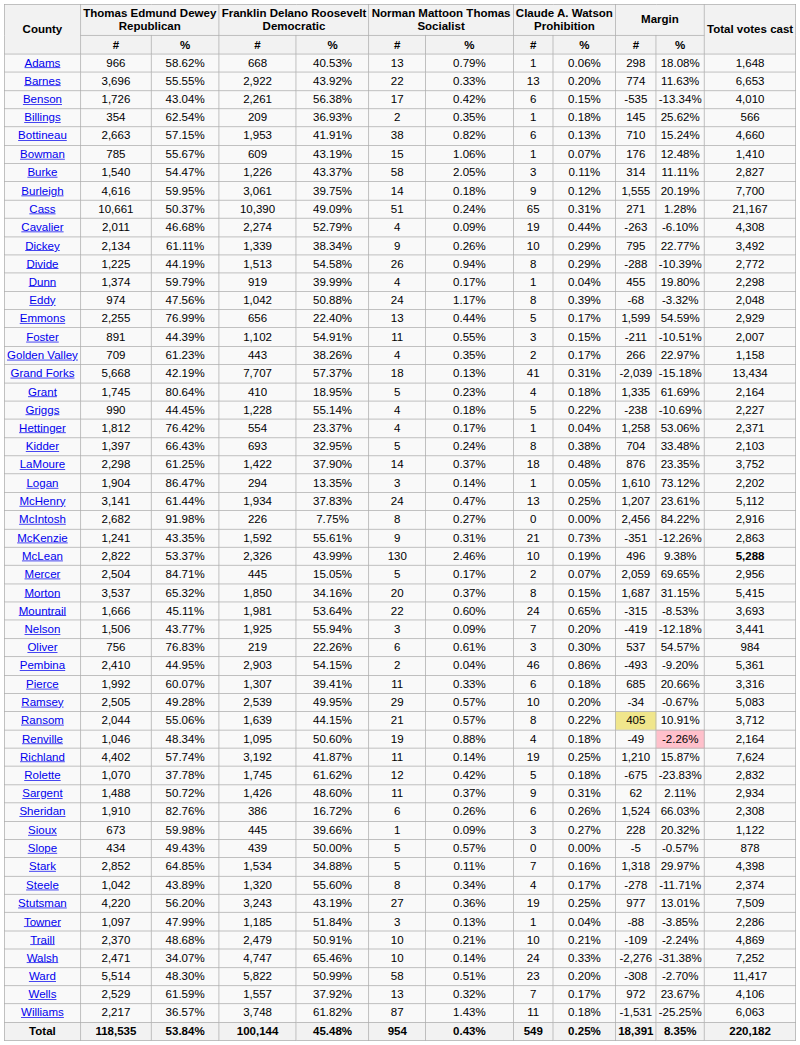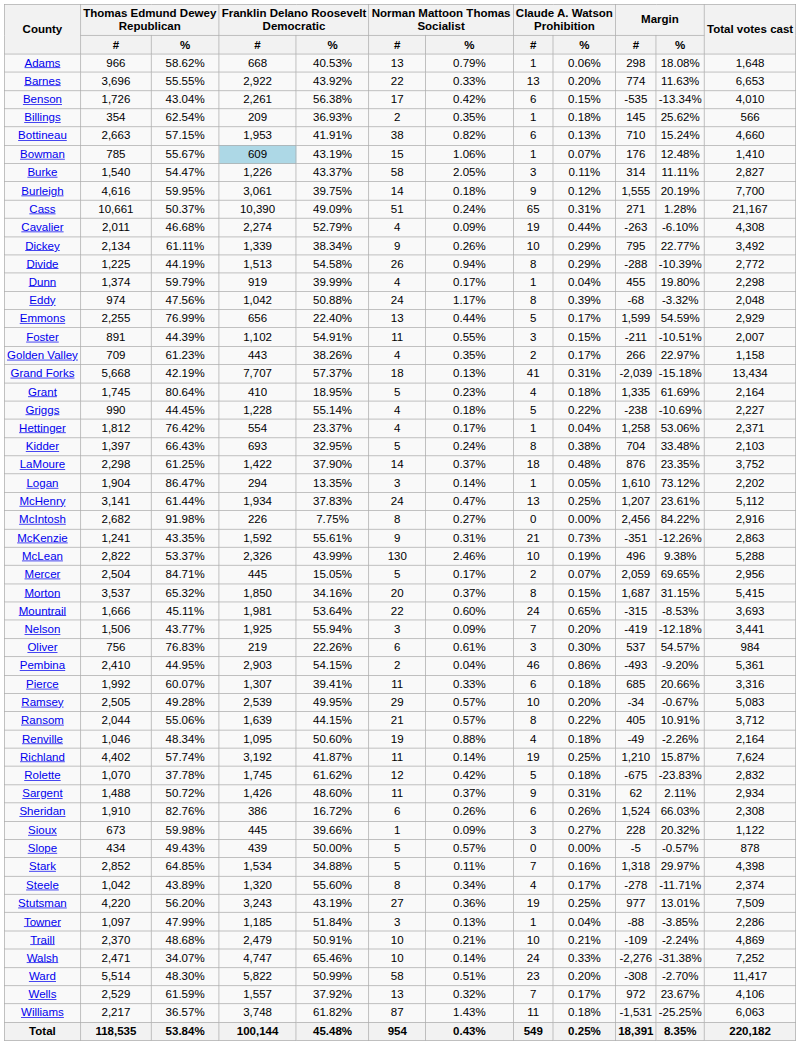 <table class="wikitable sortable">
 <tr>
 <th rowspan="2">County</th>
 <th colspan="2">Thomas Edmund Dewey<br>Republican</th>
 <th colspan="2">Franklin Delano Roosevelt<br>Democratic</th>
 <th colspan="2">Norman Mattoon Thomas<br>Socialist</th>
 <th colspan="2">Claude A. Watson<br>Prohibition</th>
 <th colspan="2">Margin</th>
 <th rowspan="2">Total votes cast</th>
 </tr>
 <tr style="text-align:center;">
 <th data-sort-type="number">#</th>
 <th data-sort-type="number">%</th>
 <th data-sort-type="number">#</th>
 <th data-sort-type="number">%</th>
 <th data-sort-type="number">#</th>
 <th data-sort-type="number">%</th>
 <th data-sort-type="number">#</th>
 <th data-sort-type="number">%</th>
 <th data-sort-type="number">#</th>
 <th data-sort-type="number">%</th>
 </tr>
 <tr style="text-align:center;">
 <td><a href='#'>Adams</a></td>
 <td>966</td>
 <td>58.62%</td>
 <td>668</td>
 <td>40.53%</td>
 <td>13</td>
 <td>0.79%</td>
 <td>1</td>
 <td>0.06%</td>
 <td>298</td>
 <td>18.08%</td>
 <td>1,648</td>
 </tr>
 <tr style="text-align:center;">
 <td><a href='#'>Barnes</a></td>
 <td>3,696</td>
 <td>55.55%</td>
 <td>2,922</td>
 <td>43.92%</td>
 <td>22</td>
 <td>0.33%</td>
 <td>13</td>
 <td>0.20%</td>
 <td>774</td>
 <td>11.63%</td>
 <td>6,653</td>
 </tr>
 <tr style="text-align:center;">
 <td><a href='#'>Benson</a></td>
 <td>1,726</td>
 <td>43.04%</td>
 <td>2,261</td>
 <td>56.38%</td>
 <td>17</td>
 <td>0.42%</td>
 <td>6</td>
 <td>0.15%</td>
 <td>-535</td>
 <td>-13.34%</td>
 <td>4,010</td>
 </tr>
 <tr style="text-align:center;">
 <td><a href='#'>Billings</a></td>
 <td>354</td>
 <td>62.54%</td>
 <td>209</td>
 <td>36.93%</td>
 <td>2</td>
 <td>0.35%</td>
 <td>1</td>
 <td>0.18%</td>
 <td>145</td>
 <td>25.62%</td>
 <td>566</td>
 </tr>
 <tr style="text-align:center;">
 <td><a href='#'>Bottineau</a></td>
 <td>2,663</td>
 <td>57.15%</td>
 <td>1,953</td>
 <td>41.91%</td>
 <td>38</td>
 <td>0.82%</td>
 <td>6</td>
 <td>0.13%</td>
 <td>710</td>
 <td>15.24%</td>
 <td>4,660</td>
 </tr>
 <tr style="text-align:center;">
 <td><a href='#'>Bowman</a></td>
 <td>785</td>
 <td>55.67%</td>
-<td>609</td>
+<td style="background: lightblue;">609</td>
 <td>43.19%</td>
 <td>15</td>
 <td>1.06%</td>
 <td>1</td>
 <td>0.07%</td>
 <td>176</td>
 <td>12.48%</td>
 <td>1,410</td>
 </tr>
 <tr style="text-align:center;">
 <td><a href='#'>Burke</a></td>
 <td>1,540</td>
 <td>54.47%</td>
 <td>1,226</td>
 <td>43.37%</td>
 <td>58</td>
 <td>2.05%</td>
 <td>3</td>
 <td>0.11%</td>
 <td>314</td>
 <td>11.11%</td>
 <td>2,827</td>
 </tr>
 <tr style="text-align:center;">
 <td><a href='#'>Burleigh</a></td>
 <td>4,616</td>
 <td>59.95%</td>
 <td>3,061</td>
 <td>39.75%</td>
 <td>14</td>
 <td>0.18%</td>
 <td>9</td>
 <td>0.12%</td>
 <td>1,555</td>
 <td>20.19%</td>
 <td>7,700</td>
 </tr>
 <tr style="text-align:center;">
 <td><a href='#'>Cass</a></td>
 <td>10,661</td>
 <td>50.37%</td>
 <td>10,390</td>
 <td>49.09%</td>
 <td>51</td>
 <td>0.24%</td>
 <td>65</td>
 <td>0.31%</td>
 <td>271</td>
 <td>1.28%</td>
 <td>21,167</td>
 </tr>
 <tr style="text-align:center;">
 <td><a href='#'>Cavalier</a></td>
 <td>2,011</td>
 <td>46.68%</td>
 <td>2,274</td>
 <td>52.79%</td>
 <td>4</td>
 <td>0.09%</td>
 <td>19</td>
 <td>0.44%</td>
 <td>-263</td>
 <td>-6.10%</td>
 <td>4,308</td>
 </tr>
 <tr style="text-align:center;">
 <td><a href='#'>Dickey</a></td>
 <td>2,134</td>
 <td>61.11%</td>
 <td>1,339</td>
 <td>38.34%</td>
 <td>9</td>
 <td>0.26%</td>
 <td>10</td>
 <td>0.29%</td>
 <td>795</td>
 <td>22.77%</td>
 <td>3,492</td>
 </tr>
 <tr style="text-align:center;">
 <td><a href='#'>Divide</a></td>
 <td>1,225</td>
 <td>44.19%</td>
 <td>1,513</td>
 <td>54.58%</td>
 <td>26</td>
 <td>0.94%</td>
 <td>8</td>
 <td>0.29%</td>
 <td>-288</td>
 <td>-10.39%</td>
 <td>2,772</td>
 </tr>
 <tr style="text-align:center;">
 <td><a href='#'>Dunn</a></td>
 <td>1,374</td>
 <td>59.79%</td>
 <td>919</td>
 <td>39.99%</td>
 <td>4</td>
 <td>0.17%</td>
 <td>1</td>
 <td>0.04%</td>
 <td>455</td>
 <td>19.80%</td>
 <td>2,298</td>
 </tr>
 <tr style="text-align:center;">
 <td><a href='#'>Eddy</a></td>
 <td>974</td>
 <td>47.56%</td>
 <td>1,042</td>
 <td>50.88%</td>
 <td>24</td>
 <td>1.17%</td>
 <td>8</td>
 <td>0.39%</td>
 <td>-68</td>
 <td>-3.32%</td>
 <td>2,048</td>
 </tr>
 <tr style="text-align:center;">
 <td><a href='#'>Emmons</a></td>
 <td>2,255</td>
 <td>76.99%</td>
 <td>656</td>
 <td>22.40%</td>
 <td>13</td>
 <td>0.44%</td>
 <td>5</td>
 <td>0.17%</td>
 <td>1,599</td>
 <td>54.59%</td>
 <td>2,929</td>
 </tr>
 <tr style="text-align:center;">
 <td><a href='#'>Foster</a></td>
 <td>891</td>
 <td>44.39%</td>
 <td>1,102</td>
 <td>54.91%</td>
 <td>11</td>
 <td>0.55%</td>
 <td>3</td>
 <td>0.15%</td>
 <td>-211</td>
 <td>-10.51%</td>
 <td>2,007</td>
 </tr>
 <tr style="text-align:center;">
 <td><a href='#'>Golden Valley</a></td>
 <td>709</td>
 <td>61.23%</td>
 <td>443</td>
 <td>38.26%</td>
 <td>4</td>
 <td>0.35%</td>
 <td>2</td>
 <td>0.17%</td>
 <td>266</td>
 <td>22.97%</td>
 <td>1,158</td>
 </tr>
 <tr style="text-align:center;">
 <td><a href='#'>Grand Forks</a></td>
 <td>5,668</td>
 <td>42.19%</td>
 <td>7,707</td>
 <td>57.37%</td>
 <td>18</td>
 <td>0.13%</td>
 <td>41</td>
 <td>0.31%</td>
 <td>-2,039</td>
 <td>-15.18%</td>
 <td>13,434</td>
 </tr>
 <tr style="text-align:center;">
 <td><a href='#'>Grant</a></td>
 <td>1,745</td>
 <td>80.64%</td>
 <td>410</td>
 <td>18.95%</td>
 <td>5</td>
 <td>0.23%</td>
 <td>4</td>
 <td>0.18%</td>
 <td>1,335</td>
 <td>61.69%</td>
 <td>2,164</td>
 </tr>
 <tr style="text-align:center;">
 <td><a href='#'>Griggs</a></td>
 <td>990</td>
 <td>44.45%</td>
 <td>1,228</td>
 <td>55.14%</td>
 <td>4</td>
 <td>0.18%</td>
 <td>5</td>
 <td>0.22%</td>
 <td>-238</td>
 <td>-10.69%</td>
 <td>2,227</td>
 </tr>
 <tr style="text-align:center;">
 <td><a href='#'>Hettinger</a></td>
 <td>1,812</td>
 <td>76.42%</td>
 <td>554</td>
 <td>23.37%</td>
 <td>4</td>
 <td>0.17%</td>
 <td>1</td>
 <td>0.04%</td>
 <td>1,258</td>
 <td>53.06%</td>
 <td>2,371</td>
 </tr>
 <tr style="text-align:center;">
 <td><a href='#'>Kidder</a></td>
 <td>1,397</td>
 <td>66.43%</td>
 <td>693</td>
 <td>32.95%</td>
 <td>5</td>
 <td>0.24%</td>
 <td>8</td>
 <td>0.38%</td>
 <td>704</td>
 <td>33.48%</td>
 <td>2,103</td>
 </tr>
 <tr style="text-align:center;">
 <td><a href='#'>LaMoure</a></td>
 <td>2,298</td>
 <td>61.25%</td>
 <td>1,422</td>
 <td>37.90%</td>
 <td>14</td>
 <td>0.37%</td>
 <td>18</td>
 <td>0.48%</td>
 <td>876</td>
 <td>23.35%</td>
 <td>3,752</td>
 </tr>
 <tr style="text-align:center;">
 <td><a href='#'>Logan</a></td>
 <td>1,904</td>
 <td>86.47%</td>
 <td>294</td>
 <td>13.35%</td>
 <td>3</td>
 <td>0.14%</td>
 <td>1</td>
 <td>0.05%</td>
 <td>1,610</td>
 <td>73.12%</td>
 <td>2,202</td>
 </tr>
 <tr style="text-align:center;">
 <td><a href='#'>McHenry</a></td>
 <td>3,141</td>
 <td>61.44%</td>
 <td>1,934</td>
 <td>37.83%</td>
 <td>24</td>
 <td>0.47%</td>
 <td>13</td>
 <td>0.25%</td>
 <td>1,207</td>
 <td>23.61%</td>
 <td>5,112</td>
 </tr>
 <tr style="text-align:center;">
 <td><a href='#'>McIntosh</a></td>
 <td>2,682</td>
 <td>91.98%</td>
 <td>226</td>
 <td>7.75%</td>
 <td>8</td>
 <td>0.27%</td>
 <td>0</td>
 <td>0.00%</td>
 <td>2,456</td>
 <td>84.22%</td>
 <td>2,916</td>
 </tr>
 <tr style="text-align:center;">
 <td><a href='#'>McKenzie</a></td>
 <td>1,241</td>
 <td>43.35%</td>
 <td>1,592</td>
 <td>55.61%</td>
 <td>9</td>
 <td>0.31%</td>
 <td>21</td>
 <td>0.73%</td>
 <td>-351</td>
 <td>-12.26%</td>
 <td>2,863</td>
 </tr>
 <tr style="text-align:center;">
 <td><a href='#'>McLean</a></td>
 <td>2,822</td>
 <td>53.37%</td>
 <td>2,326</td>
 <td>43.99%</td>
 <td>130</td>
 <td>2.46%</td>
 <td>10</td>
 <td>0.19%</td>
 <td>496</td>
 <td>9.38%</td>
-<td><strong>5,288</strong></td>
+<td>5,288</td>
 </tr>
 <tr style="text-align:center;">
 <td><a href='#'>Mercer</a></td>
 <td>2,504</td>
 <td>84.71%</td>
 <td>445</td>
 <td>15.05%</td>
 <td>5</td>
 <td>0.17%</td>
 <td>2</td>
 <td>0.07%</td>
 <td>2,059</td>
 <td>69.65%</td>
 <td>2,956</td>
 </tr>
 <tr style="text-align:center;">
 <td><a href='#'>Morton</a></td>
 <td>3,537</td>
 <td>65.32%</td>
 <td>1,850</td>
 <td>34.16%</td>
 <td>20</td>
 <td>0.37%</td>
 <td>8</td>
 <td>0.15%</td>
 <td>1,687</td>
 <td>31.15%</td>
 <td>5,415</td>
 </tr>
 <tr style="text-align:center;">
 <td><a href='#'>Mountrail</a></td>
 <td>1,666</td>
 <td>45.11%</td>
 <td>1,981</td>
 <td>53.64%</td>
 <td>22</td>
 <td>0.60%</td>
 <td>24</td>
 <td>0.65%</td>
 <td>-315</td>
 <td>-8.53%</td>
 <td>3,693</td>
 </tr>
 <tr style="text-align:center;">
 <td><a href='#'>Nelson</a></td>
 <td>1,506</td>
 <td>43.77%</td>
 <td>1,925</td>
 <td>55.94%</td>
 <td>3</td>
 <td>0.09%</td>
 <td>7</td>
 <td>0.20%</td>
 <td>-419</td>
 <td>-12.18%</td>
 <td>3,441</td>
 </tr>
 <tr style="text-align:center;">
 <td><a href='#'>Oliver</a></td>
 <td>756</td>
 <td>76.83%</td>
 <td>219</td>
 <td>22.26%</td>
 <td>6</td>
 <td>0.61%</td>
 <td>3</td>
 <td>0.30%</td>
 <td>537</td>
 <td>54.57%</td>
 <td>984</td>
 </tr>
 <tr style="text-align:center;">
 <td><a href='#'>Pembina</a></td>
 <td>2,410</td>
 <td>44.95%</td>
 <td>2,903</td>
 <td>54.15%</td>
 <td>2</td>
 <td>0.04%</td>
 <td>46</td>
 <td>0.86%</td>
 <td>-493</td>
 <td>-9.20%</td>
 <td>5,361</td>
 </tr>
 <tr style="text-align:center;">
 <td><a href='#'>Pierce</a></td>
 <td>1,992</td>
 <td>60.07%</td>
 <td>1,307</td>
 <td>39.41%</td>
 <td>11</td>
 <td>0.33%</td>
 <td>6</td>
 <td>0.18%</td>
 <td>685</td>
 <td>20.66%</td>
 <td>3,316</td>
 </tr>
 <tr style="text-align:center;">
 <td><a href='#'>Ramsey</a></td>
 <td>2,505</td>
 <td>49.28%</td>
 <td>2,539</td>
 <td>49.95%</td>
 <td>29</td>
 <td>0.57%</td>
 <td>10</td>
 <td>0.20%</td>
 <td>-34</td>
 <td>-0.67%</td>
 <td>5,083</td>
 </tr>
 <tr style="text-align:center;">
 <td><a href='#'>Ransom</a></td>
 <td>2,044</td>
 <td>55.06%</td>
 <td>1,639</td>
 <td>44.15%</td>
 <td>21</td>
 <td>0.57%</td>
 <td>8</td>
 <td>0.22%</td>
-<td style="background: khaki;">405</td>
+<td>405</td>
 <td>10.91%</td>
 <td>3,712</td>
 </tr>
 <tr style="text-align:center;">
 <td><a href='#'>Renville</a></td>
 <td>1,046</td>
 <td>48.34%</td>
 <td>1,095</td>
 <td>50.60%</td>
 <td>19</td>
 <td>0.88%</td>
 <td>4</td>
 <td>0.18%</td>
 <td>-49</td>
-<td style="background: pink;">-2.26%</td>
+<td>-2.26%</td>
 <td>2,164</td>
 </tr>
 <tr style="text-align:center;">
 <td><a href='#'>Richland</a></td>
 <td>4,402</td>
 <td>57.74%</td>
 <td>3,192</td>
 <td>41.87%</td>
 <td>11</td>
 <td>0.14%</td>
 <td>19</td>
 <td>0.25%</td>
 <td>1,210</td>
 <td>15.87%</td>
 <td>7,624</td>
 </tr>
 <tr style="text-align:center;">
 <td><a href='#'>Rolette</a></td>
 <td>1,070</td>
 <td>37.78%</td>
 <td>1,745</td>
 <td>61.62%</td>
 <td>12</td>
 <td>0.42%</td>
 <td>5</td>
 <td>0.18%</td>
 <td>-675</td>
 <td>-23.83%</td>
 <td>2,832</td>
 </tr>
 <tr style="text-align:center;">
 <td><a href='#'>Sargent</a></td>
 <td>1,488</td>
 <td>50.72%</td>
 <td>1,426</td>
 <td>48.60%</td>
 <td>11</td>
 <td>0.37%</td>
 <td>9</td>
 <td>0.31%</td>
 <td>62</td>
 <td>2.11%</td>
 <td>2,934</td>
 </tr>
 <tr style="text-align:center;">
 <td><a href='#'>Sheridan</a></td>
 <td>1,910</td>
 <td>82.76%</td>
 <td>386</td>
 <td>16.72%</td>
 <td>6</td>
 <td>0.26%</td>
 <td>6</td>
 <td>0.26%</td>
 <td>1,524</td>
 <td>66.03%</td>
 <td>2,308</td>
 </tr>
 <tr style="text-align:center;">
 <td><a href='#'>Sioux</a></td>
 <td>673</td>
 <td>59.98%</td>
 <td>445</td>
 <td>39.66%</td>
 <td>1</td>
 <td>0.09%</td>
 <td>3</td>
 <td>0.27%</td>
 <td>228</td>
 <td>20.32%</td>
 <td>1,122</td>
 </tr>
 <tr style="text-align:center;">
 <td><a href='#'>Slope</a></td>
 <td>434</td>
 <td>49.43%</td>
 <td>439</td>
 <td>50.00%</td>
 <td>5</td>
 <td>0.57%</td>
 <td>0</td>
 <td>0.00%</td>
 <td>-5</td>
 <td>-0.57%</td>
 <td>878</td>
 </tr>
 <tr style="text-align:center;">
 <td><a href='#'>Stark</a></td>
 <td>2,852</td>
 <td>64.85%</td>
 <td>1,534</td>
 <td>34.88%</td>
 <td>5</td>
 <td>0.11%</td>
 <td>7</td>
 <td>0.16%</td>
 <td>1,318</td>
 <td>29.97%</td>
 <td>4,398</td>
 </tr>
 <tr style="text-align:center;">
 <td><a href='#'>Steele</a></td>
 <td>1,042</td>
 <td>43.89%</td>
 <td>1,320</td>
 <td>55.60%</td>
 <td>8</td>
 <td>0.34%</td>
 <td>4</td>
 <td>0.17%</td>
 <td>-278</td>
 <td>-11.71%</td>
 <td>2,374</td>
 </tr>
 <tr style="text-align:center;">
 <td><a href='#'>Stutsman</a></td>
 <td>4,220</td>
 <td>56.20%</td>
 <td>3,243</td>
 <td>43.19%</td>
 <td>27</td>
 <td>0.36%</td>
 <td>19</td>
 <td>0.25%</td>
 <td>977</td>
 <td>13.01%</td>
 <td>7,509</td>
 </tr>
 <tr style="text-align:center;">
 <td><a href='#'>Towner</a></td>
 <td>1,097</td>
 <td>47.99%</td>
 <td>1,185</td>
 <td>51.84%</td>
 <td>3</td>
 <td>0.13%</td>
 <td>1</td>
 <td>0.04%</td>
 <td>-88</td>
 <td>-3.85%</td>
 <td>2,286</td>
 </tr>
 <tr style="text-align:center;">
 <td><a href='#'>Traill</a></td>
 <td>2,370</td>
 <td>48.68%</td>
 <td>2,479</td>
 <td>50.91%</td>
 <td>10</td>
 <td>0.21%</td>
 <td>10</td>
 <td>0.21%</td>
 <td>-109</td>
 <td>-2.24%</td>
 <td>4,869</td>
 </tr>
 <tr style="text-align:center;">
 <td><a href='#'>Walsh</a></td>
 <td>2,471</td>
 <td>34.07%</td>
 <td>4,747</td>
 <td>65.46%</td>
 <td>10</td>
 <td>0.14%</td>
 <td>24</td>
 <td>0.33%</td>
 <td>-2,276</td>
 <td>-31.38%</td>
 <td>7,252</td>
 </tr>
 <tr style="text-align:center;">
 <td><a href='#'>Ward</a></td>
 <td>5,514</td>
 <td>48.30%</td>
 <td>5,822</td>
 <td>50.99%</td>
 <td>58</td>
 <td>0.51%</td>
 <td>23</td>
 <td>0.20%</td>
 <td>-308</td>
 <td>-2.70%</td>
 <td>11,417</td>
 </tr>
 <tr style="text-align:center;">
 <td><a href='#'>Wells</a></td>
 <td>2,529</td>
 <td>61.59%</td>
 <td>1,557</td>
 <td>37.92%</td>
 <td>13</td>
 <td>0.32%</td>
 <td>7</td>
 <td>0.17%</td>
 <td>972</td>
 <td>23.67%</td>
 <td>4,106</td>
 </tr>
 <tr style="text-align:center;">
 <td><a href='#'>Williams</a></td>
 <td>2,217</td>
 <td>36.57%</td>
 <td>3,748</td>
 <td>61.82%</td>
 <td>87</td>
 <td>1.43%</td>
 <td>11</td>
 <td>0.18%</td>
 <td>-1,531</td>
 <td>-25.25%</td>
 <td>6,063</td>
 </tr>
 <tr style="text-align:center;">
 <th>Total</th>
 <th>118,535</th>
 <th>53.84%</th>
 <th>100,144</th>
 <th>45.48%</th>
 <th>954</th>
 <th>0.43%</th>
 <th>549</th>
 <th>0.25%</th>
 <th>18,391</th>
 <th>8.35%</th>
 <th>220,182</th>
 </tr>
 </table>
